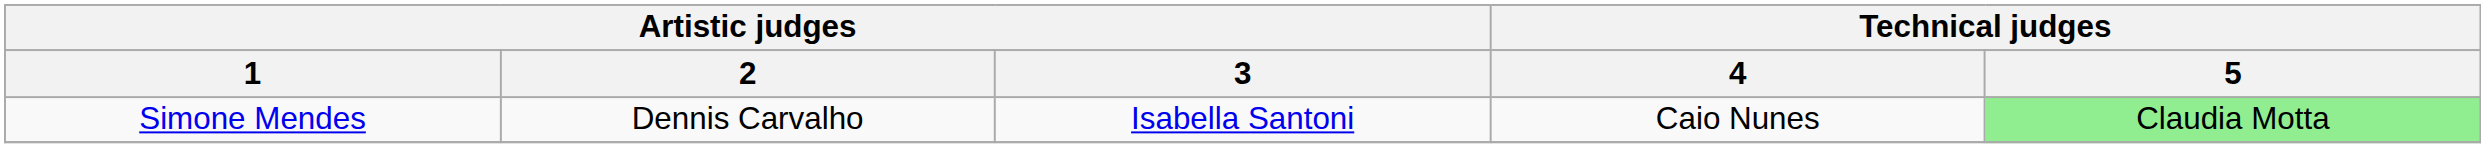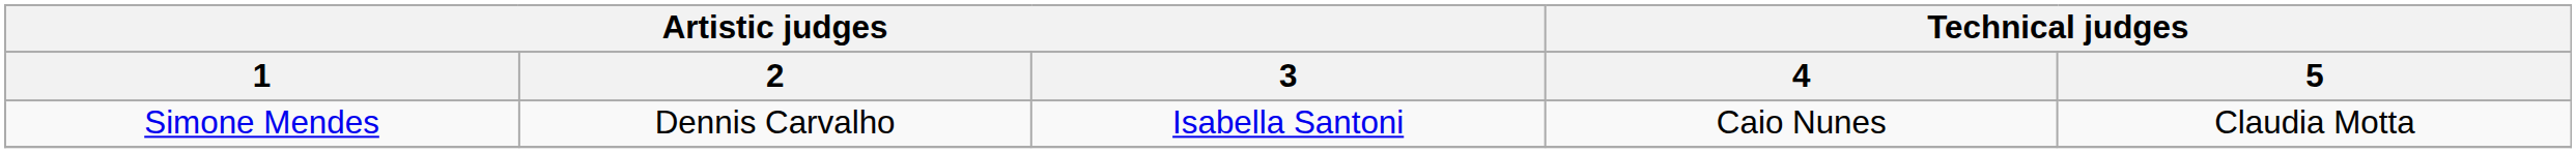 <table class="wikitable" style="font-size:100%; line-height:16px; text-align:center" width="100%">
 <tr>
 <th colspan=3>Artistic judges</th>
 <th colspan=2>Technical judges</th>
 </tr>
 <tr>
 <th width="20.0%">1</th>
 <th width="20.0%">2</th>
 <th width="20.0%">3</th>
 <th width="20.0%">4</th>
 <th width="20.0%">5</th>
 </tr>
 <tr>
 <td><a href='#'>Simone Mendes</a></td>
 <td>Dennis Carvalho</td>
 <td><a href='#'>Isabella Santoni</a></td>
 <td>Caio Nunes</td>
-<td style="background: lightgreen;">Claudia Motta</td>
+<td>Claudia Motta</td>
 </tr>
 <tr>
 </tr>
 </table>
